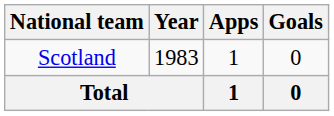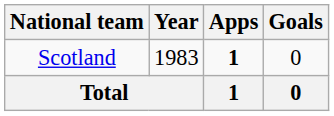 <table class="wikitable" style="text-align:center">
 <tr>
 <th>National team</th>
 <th>Year</th>
 <th>Apps</th>
 <th>Goals</th>
 </tr>
 <tr>
 <td><a href='#'>Scotland</a></td>
 <td>1983</td>
-<td>1</td>
+<td><strong>1</strong></td>
 <td>0</td>
 </tr>
 <tr>
 <th colspan="2">Total</th>
 <th>1</th>
 <th>0</th>
 </tr>
 </table>
